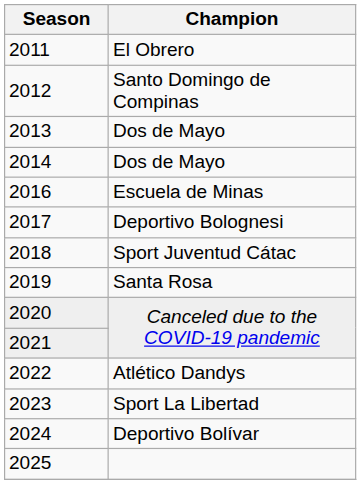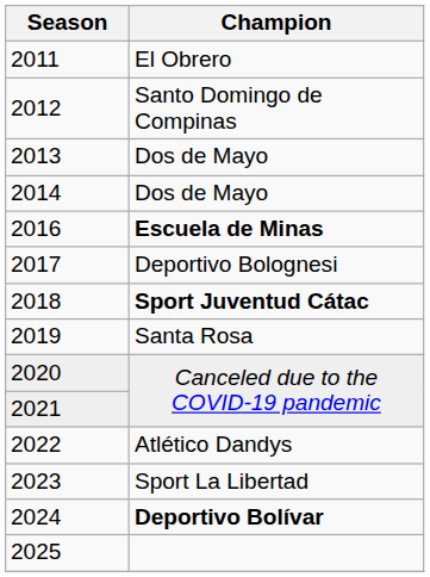 <table class="wikitable sortable">
 <tr>
 <th width=80px>Season</th>
 <th width=200px>Champion</th>
 </tr>
 <tr>
 <td>2011</td>
 <td>El Obrero</td>
 </tr>
 <tr>
 <td>2012</td>
 <td>Santo Domingo de Compinas</td>
 </tr>
 <tr>
 <td>2013</td>
 <td>Dos de Mayo</td>
 </tr>
 <tr>
 <td>2014</td>
 <td>Dos de Mayo</td>
 </tr>
 <tr>
 <td>2016</td>
-<td>Escuela de Minas</td>
+<td><strong>Escuela de Minas</strong></td>
 </tr>
 <tr>
 <td>2017</td>
 <td>Deportivo Bolognesi</td>
 </tr>
 <tr>
 <td>2018</td>
-<td>Sport Juventud Cátac</td>
+<td><strong>Sport Juventud Cátac</strong></td>
 </tr>
 <tr>
 <td>2019</td>
 <td>Santa Rosa</td>
 </tr>
 <tr bgcolor=#efefef>
 <td>2020</td>
 <td rowspan=2 colspan="1" align=center><em>Canceled due to the <a href='#'>COVID-19 pandemic</a></em></td>
 </tr>
 <tr bgcolor=#efefef>
 <td>2021</td>
 </tr>
 <tr>
 <td>2022</td>
 <td>Atlético Dandys</td>
 </tr>
 <tr>
 <td>2023</td>
 <td>Sport La Libertad</td>
 </tr>
 <tr>
 <td>2024</td>
-<td>Deportivo Bolívar</td>
+<td><strong>Deportivo Bolívar</strong></td>
 </tr>
 <tr>
 <td>2025</td>
 <td></td>
 </tr>
 <tr>
 </tr>
 </table>
